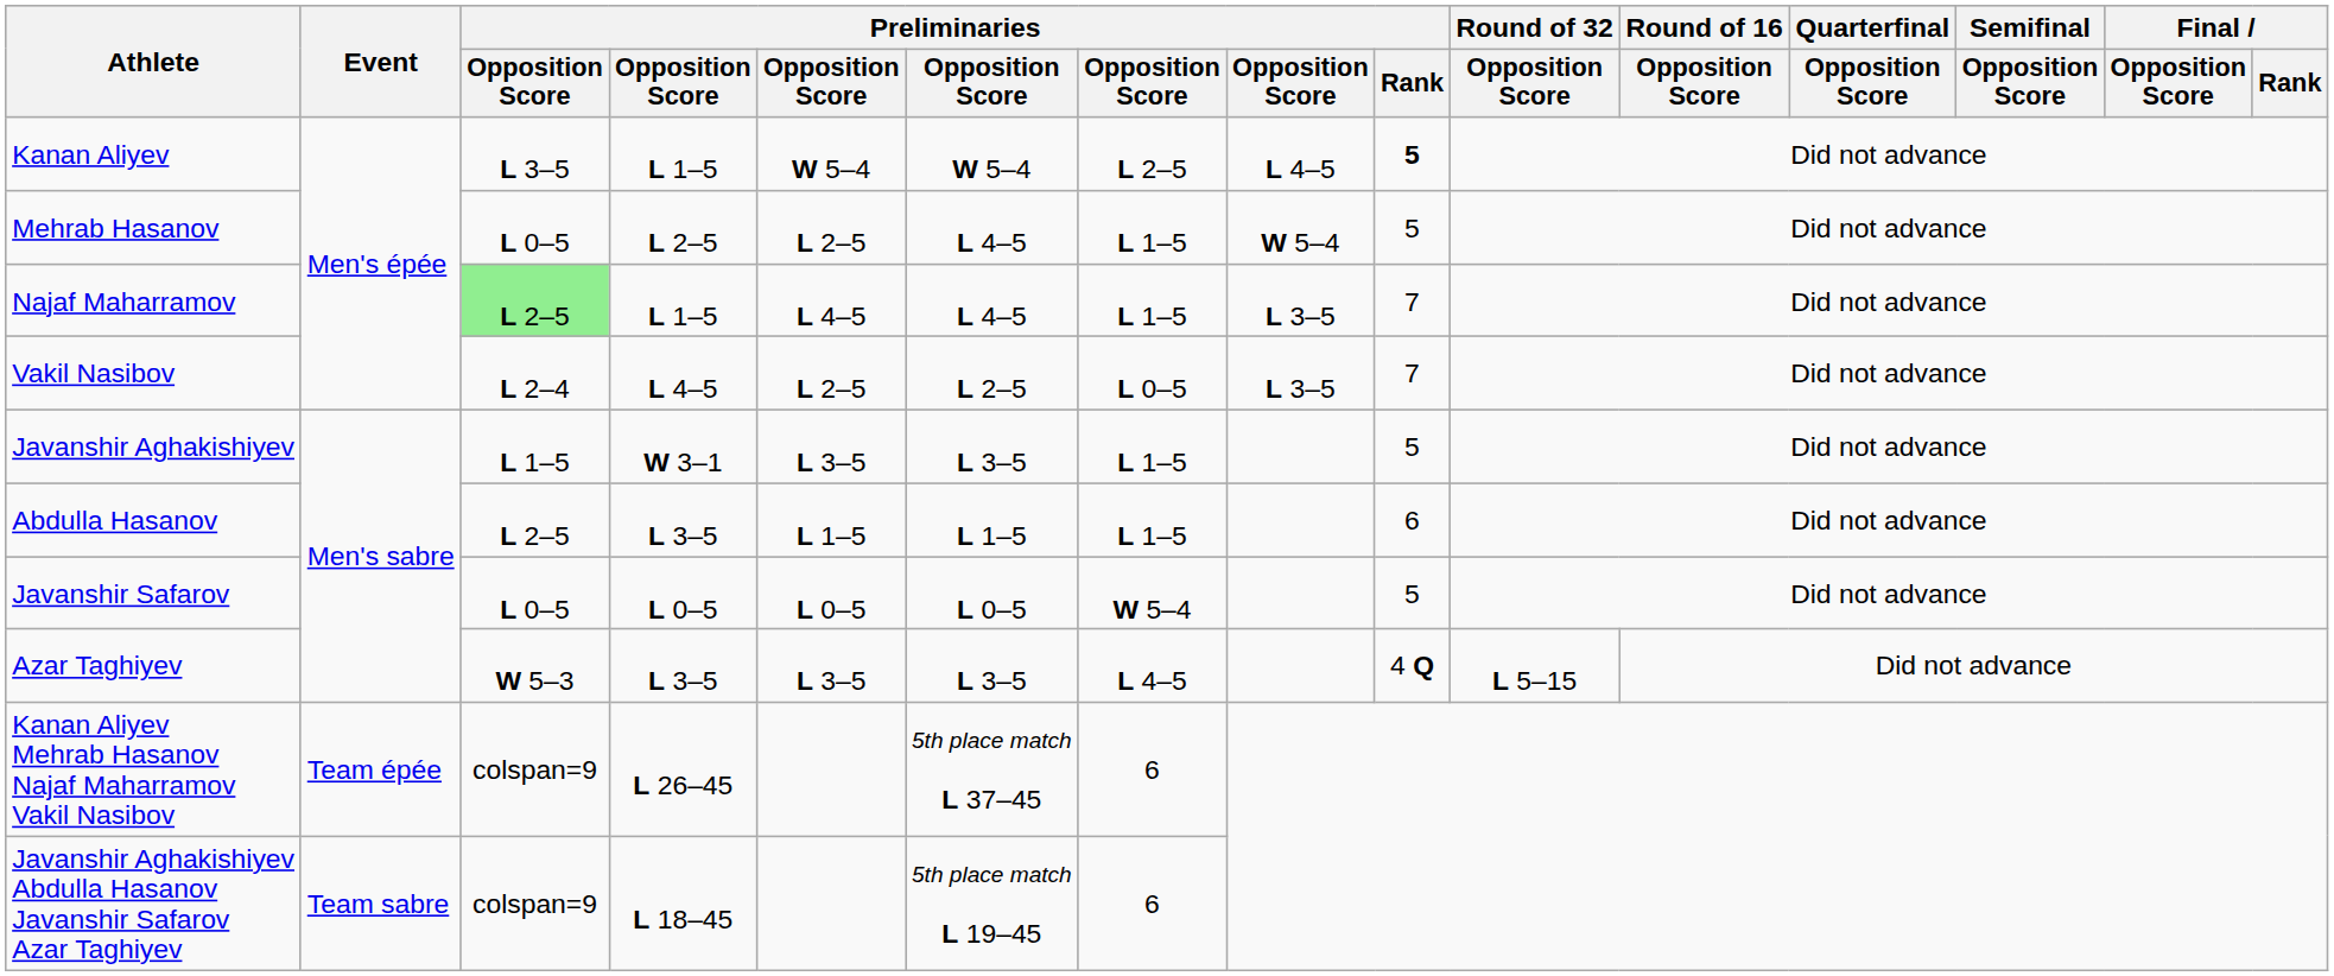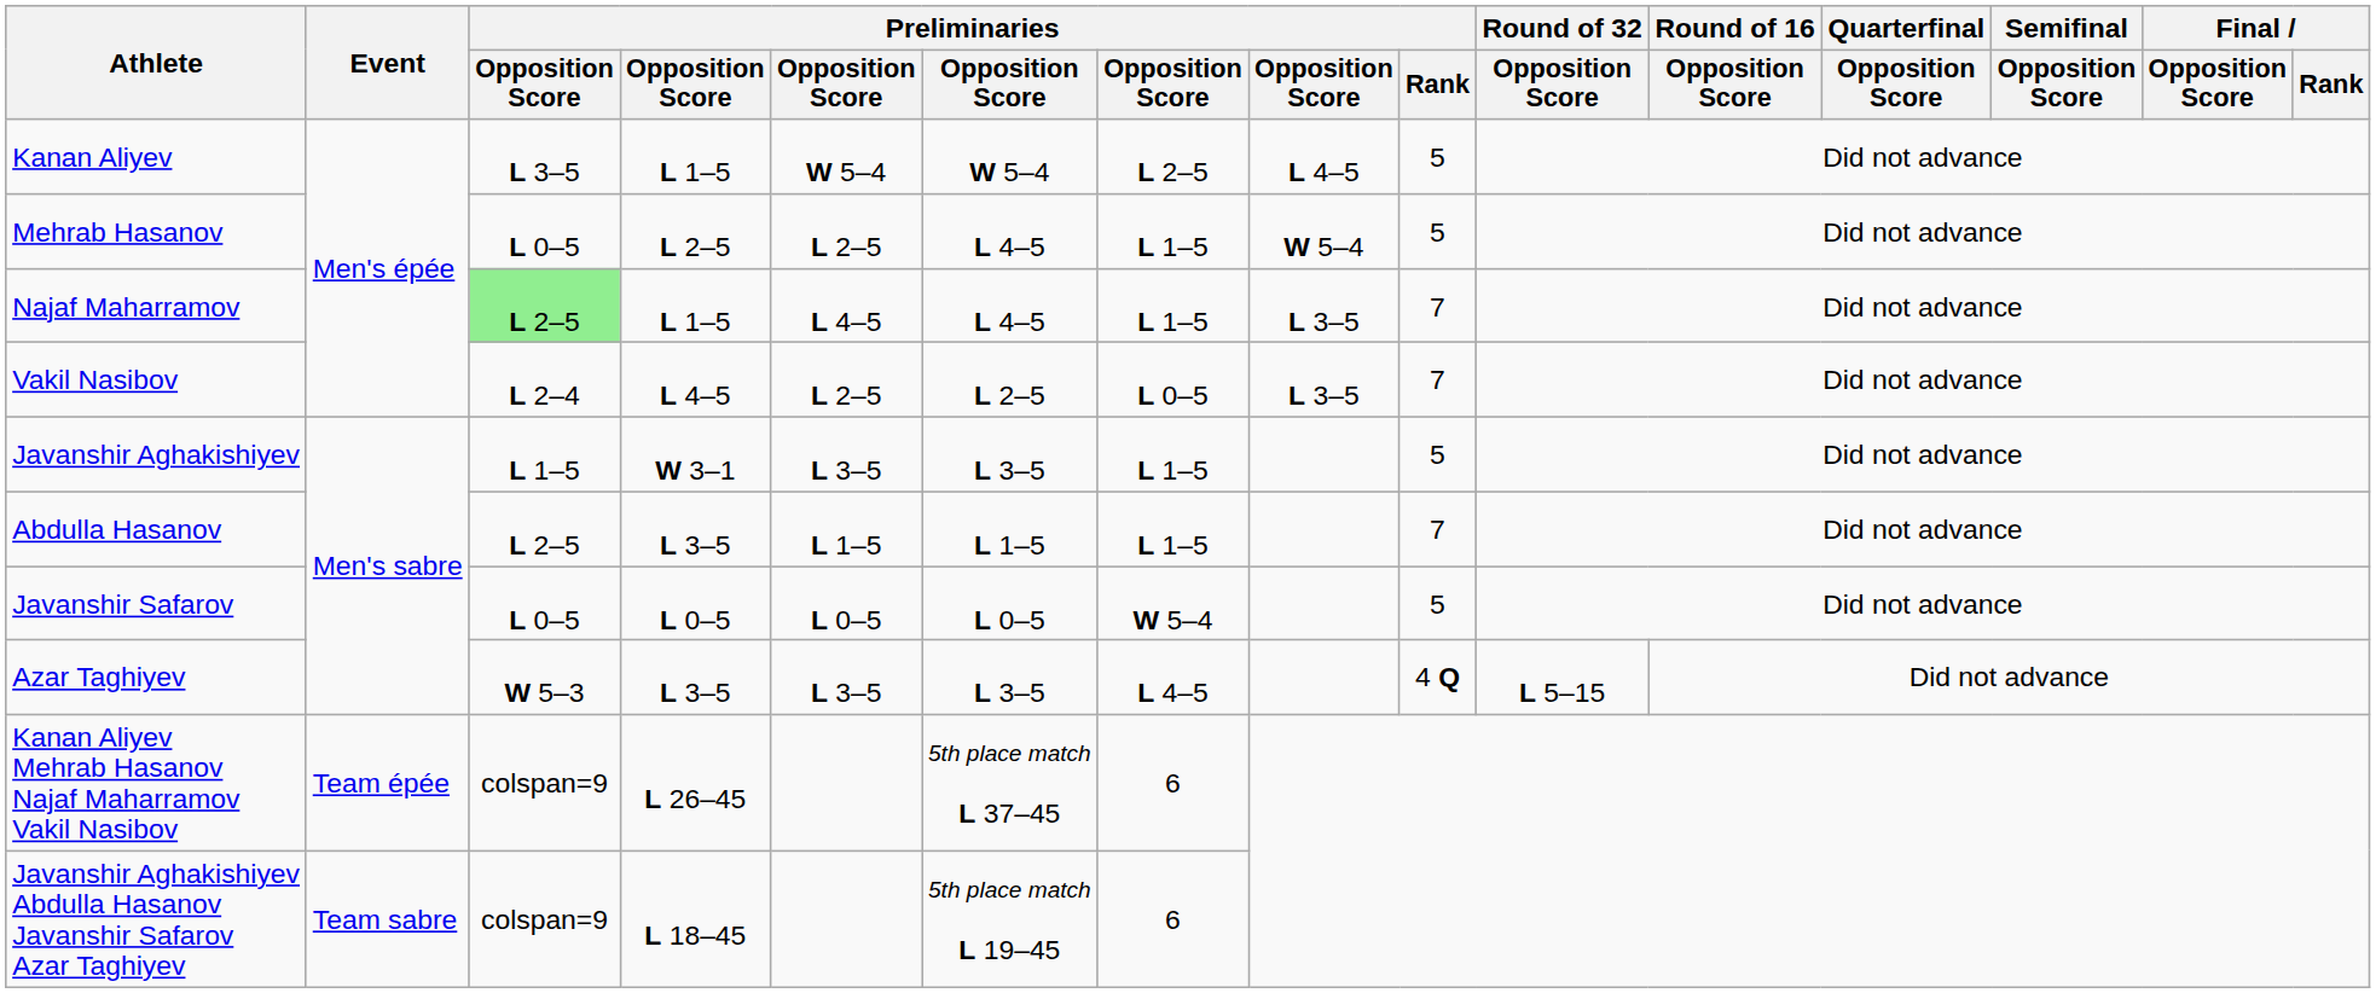 <table class="wikitable" style="font-size:90%">
 <tr>
 <th rowspan="2">Athlete</th>
 <th rowspan="2">Event</th>
 <th colspan="7">Preliminaries</th>
 <th>Round of 32</th>
 <th>Round of 16</th>
 <th>Quarterfinal</th>
 <th>Semifinal</th>
 <th colspan=2>Final / </th>
 </tr>
 <tr style="font-size:95%">
 <th>Opposition <br> Score</th>
 <th>Opposition <br> Score</th>
 <th>Opposition <br> Score</th>
 <th>Opposition <br> Score</th>
 <th>Opposition <br> Score</th>
 <th>Opposition <br> Score</th>
 <th>Rank</th>
 <th>Opposition <br> Score</th>
 <th>Opposition <br> Score</th>
 <th>Opposition <br> Score</th>
 <th>Opposition <br> Score</th>
 <th>Opposition <br> Score</th>
 <th>Rank</th>
 </tr>
 <tr align=center>
 <td align=left><a href='#'>Kanan Aliyev</a></td>
 <td align=left rowspan=4><a href='#'>Men's épée</a></td>
 <td><br><strong>L</strong> 3–5</td>
 <td><br><strong>L</strong> 1–5</td>
 <td><br><strong>W</strong> 5–4</td>
 <td><br><strong>W</strong> 5–4</td>
 <td><br><strong>L</strong> 2–5</td>
 <td><br><strong>L</strong> 4–5</td>
-<td><strong>5</strong></td>
+<td>5</td>
 <td colspan=6>Did not advance</td>
 </tr>
 <tr align=center>
 <td align=left><a href='#'>Mehrab Hasanov</a></td>
 <td><br><strong>L</strong> 0–5</td>
 <td><br><strong>L</strong> 2–5</td>
 <td><br><strong>L</strong> 2–5</td>
 <td><br><strong>L</strong> 4–5</td>
 <td><br><strong>L</strong> 1–5</td>
 <td><br><strong>W</strong> 5–4</td>
 <td>5</td>
 <td colspan=6>Did not advance</td>
 </tr>
 <tr align=center>
 <td align=left><a href='#'>Najaf Maharramov</a></td>
 <td style="background: lightgreen;"><br><strong>L</strong> 2–5</td>
 <td><br><strong>L</strong> 1–5</td>
 <td><br><strong>L</strong> 4–5</td>
 <td><br><strong>L</strong> 4–5</td>
 <td><br><strong>L</strong> 1–5</td>
 <td><br><strong>L</strong> 3–5</td>
 <td>7</td>
 <td colspan=6>Did not advance</td>
 </tr>
 <tr align=center>
 <td align=left><a href='#'>Vakil Nasibov</a></td>
 <td><br><strong>L</strong> 2–4</td>
 <td><br><strong>L</strong> 4–5</td>
 <td><br><strong>L</strong> 2–5</td>
 <td><br><strong>L</strong> 2–5</td>
 <td><br><strong>L</strong> 0–5</td>
 <td><br><strong>L</strong> 3–5</td>
 <td>7</td>
 <td colspan=6>Did not advance</td>
 </tr>
 <tr align=center>
 <td align=left><a href='#'>Javanshir Aghakishiyev</a></td>
 <td align=left rowspan=4><a href='#'>Men's sabre</a></td>
 <td><br><strong>L</strong> 1–5</td>
 <td><br><strong>W</strong> 3–1</td>
 <td><br><strong>L</strong> 3–5</td>
 <td><br><strong>L</strong> 3–5</td>
 <td><br><strong>L</strong> 1–5</td>
 <td></td>
 <td>5</td>
 <td colspan=6>Did not advance</td>
 </tr>
 <tr align=center>
 <td align=left><a href='#'>Abdulla Hasanov</a></td>
 <td><br><strong>L</strong> 2–5</td>
 <td><br><strong>L</strong> 3–5</td>
 <td><br><strong>L</strong> 1–5</td>
 <td><br><strong>L</strong> 1–5</td>
 <td><br><strong>L</strong> 1–5</td>
 <td></td>
-<td>6</td>
+<td>7</td>
 <td colspan=6>Did not advance</td>
 </tr>
 <tr align=center>
 <td align=left><a href='#'>Javanshir Safarov</a></td>
 <td><br><strong>L</strong> 0–5</td>
 <td><br><strong>L</strong> 0–5</td>
 <td><br><strong>L</strong> 0–5</td>
 <td><br><strong>L</strong> 0–5</td>
 <td><br><strong>W</strong> 5–4</td>
 <td></td>
 <td>5</td>
 <td colspan=6>Did not advance</td>
 </tr>
 <tr align=center>
 <td align=left><a href='#'>Azar Taghiyev</a></td>
 <td><br><strong>W</strong> 5–3</td>
 <td><br><strong>L</strong> 3–5</td>
 <td><br><strong>L</strong> 3–5</td>
 <td><br><strong>L</strong> 3–5</td>
 <td><br><strong>L</strong> 4–5</td>
 <td></td>
 <td>4 <strong>Q</strong></td>
 <td><br><strong>L</strong> 5–15</td>
 <td colspan=5>Did not advance</td>
 </tr>
 <tr align=center>
 <td align=left><a href='#'>Kanan Aliyev</a><br><a href='#'>Mehrab Hasanov</a><br><a href='#'>Najaf Maharramov</a><br><a href='#'>Vakil Nasibov</a></td>
 <td align=left><a href='#'>Team épée</a></td>
 <td>colspan=9 </td>
 <td><br><strong>L</strong> 26–45</td>
 <td></td>
 <td><small><em>5th place match</em></small><br><br><strong>L</strong> 37–45</td>
 <td>6</td>
 </tr>
 <tr align=center>
 <td align=left><a href='#'>Javanshir Aghakishiyev</a><br><a href='#'>Abdulla Hasanov</a><br><a href='#'>Javanshir Safarov</a><br><a href='#'>Azar Taghiyev</a></td>
 <td align=left><a href='#'>Team sabre</a></td>
 <td>colspan=9 </td>
 <td><br><strong>L</strong> 18–45</td>
 <td></td>
 <td><small><em>5th place match</em></small><br><br><strong>L</strong> 19–45</td>
 <td>6</td>
 </tr>
 </table>
